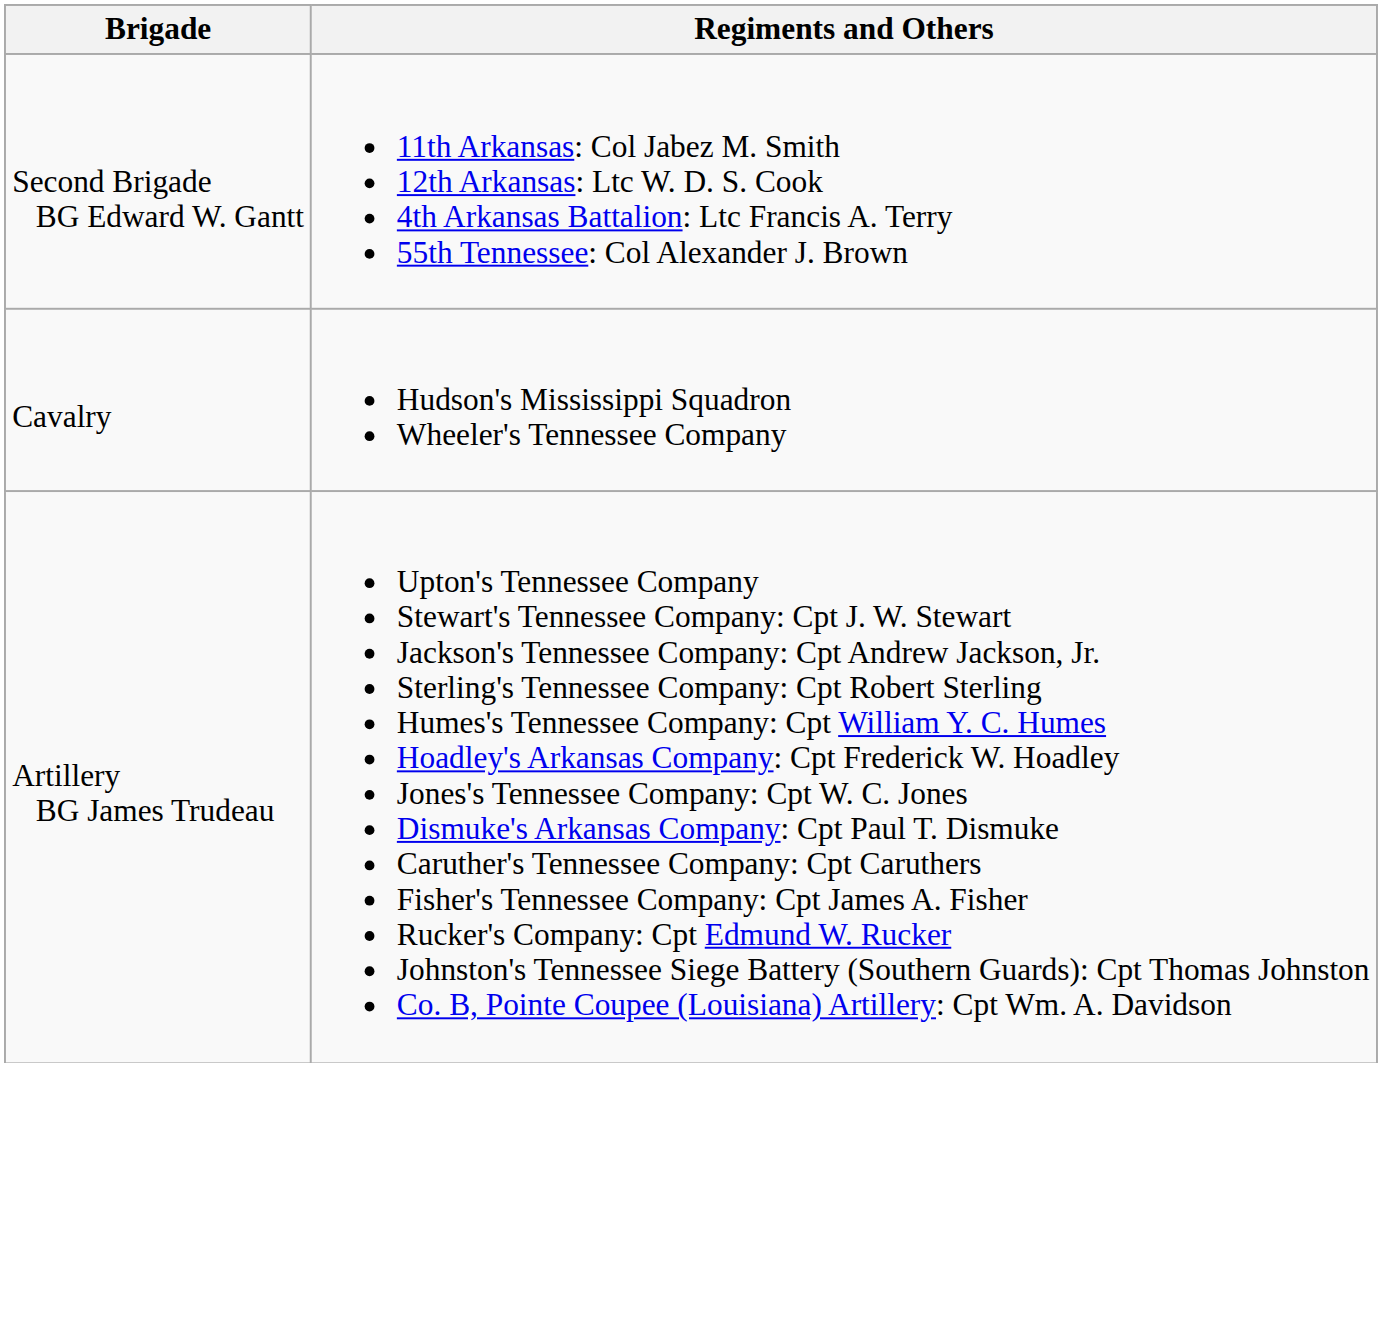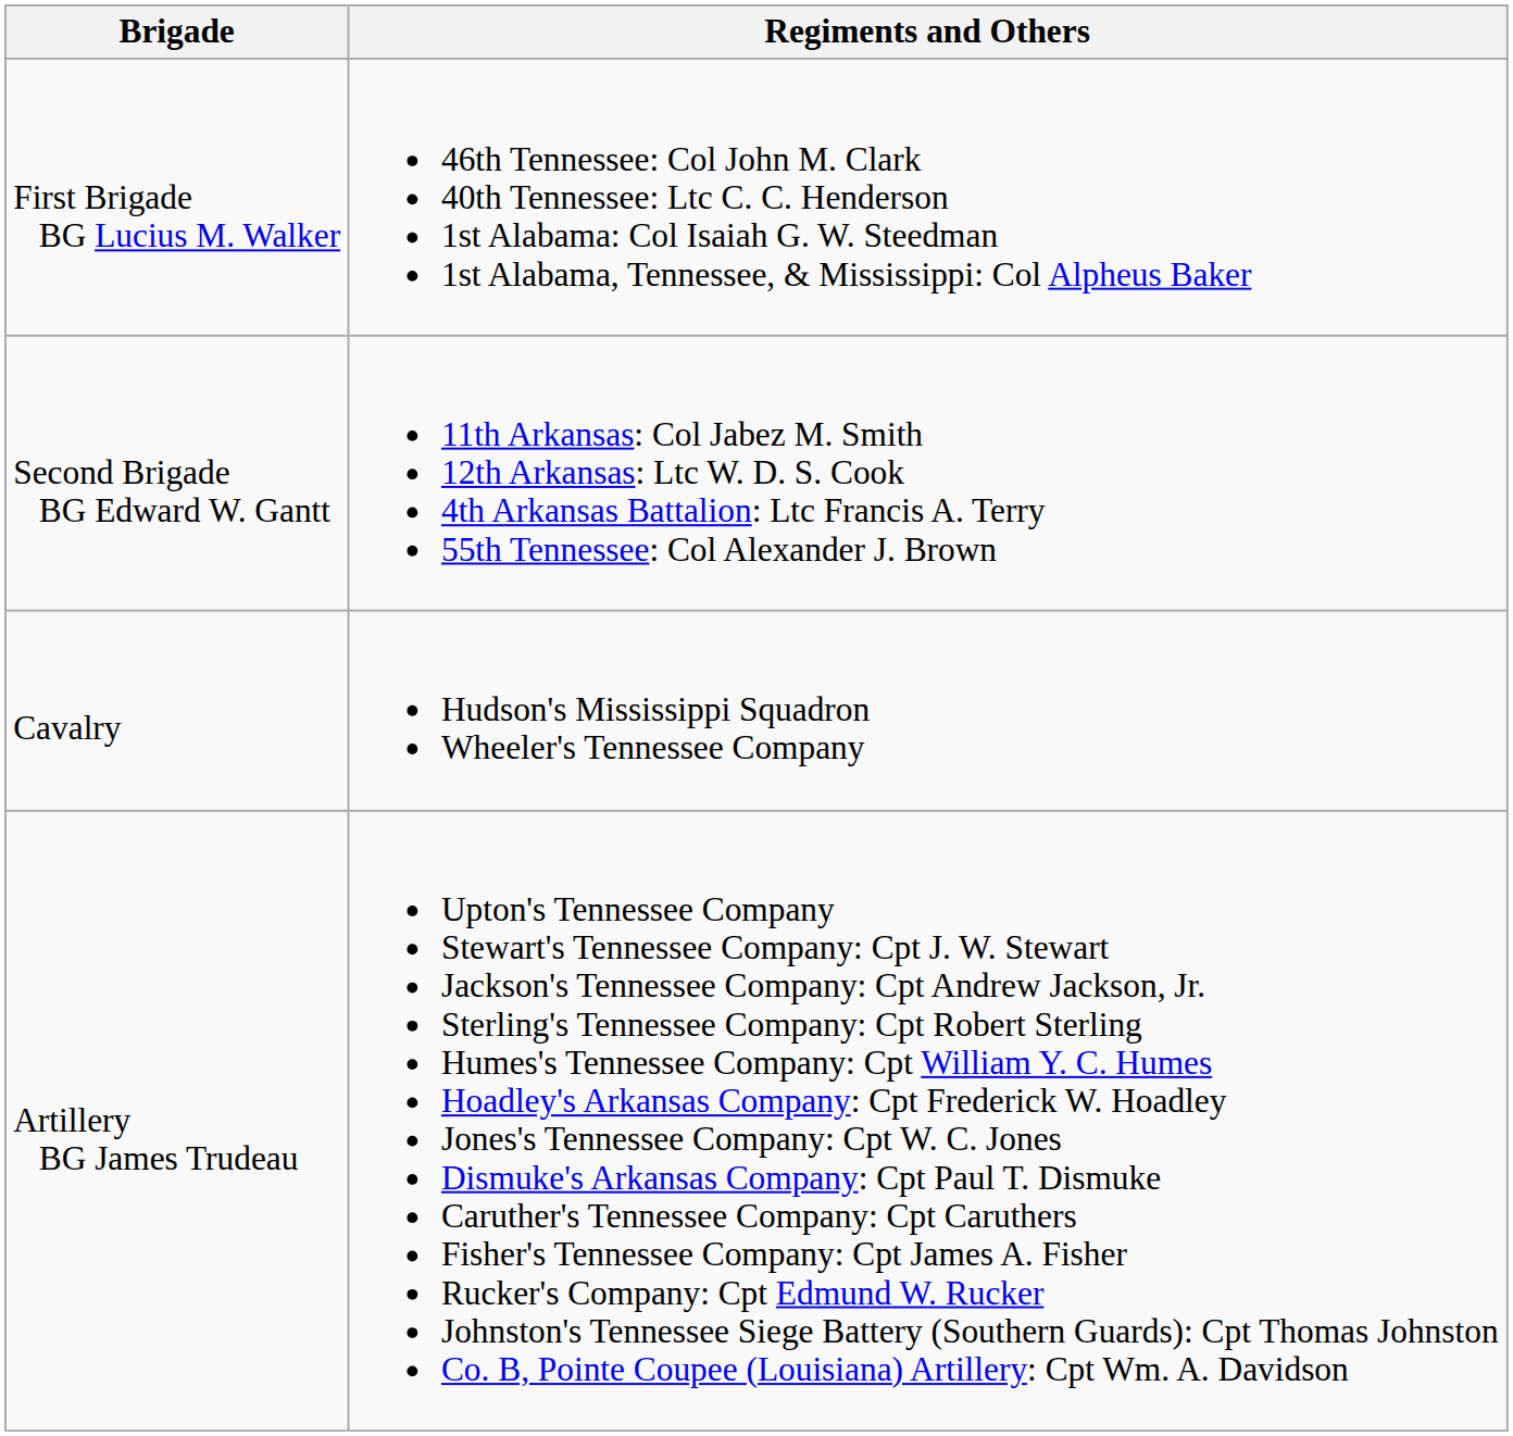 <table class="wikitable">
 <tr>
 <th>Brigade</th>
 <th>Regiments and Others</th>
+</tr>
+<tr>
+<td rowspan=1><br>First Brigade <br>   BG <a href='#'>Lucius M. Walker</a></td>
+<td><br><ul><li>46th Tennessee: Col John M. Clark</li><li>40th Tennessee: Ltc C. C. Henderson</li><li>1st Alabama: Col Isaiah G. W. Steedman</li><li>1st Alabama, Tennessee, & Mississippi: Col <a href='#'>Alpheus Baker</a></li></ul></td>
 </tr>
 <tr>
 <td rowspan=1><br>Second Brigade <br>   BG Edward W. Gantt</td>
 <td><br><ul><li><a href='#'>11th Arkansas</a>: Col Jabez M. Smith</li><li><a href='#'>12th Arkansas</a>: Ltc W. D. S. Cook</li><li><a href='#'>4th Arkansas Battalion</a>: Ltc Francis A. Terry</li><li><a href='#'>55th Tennessee</a>: Col Alexander J. Brown</li></ul></td>
 </tr>
 <tr>
 <td rowspan=1><br>Cavalry</td>
 <td><br><ul><li>Hudson's Mississippi Squadron</li><li>Wheeler's Tennessee Company</li></ul></td>
 </tr>
 <tr>
 <td rowspan=1><br>Artillery <br>   BG James Trudeau</td>
 <td><br><ul><li>Upton's Tennessee Company</li><li>Stewart's Tennessee Company: Cpt J. W. Stewart</li><li>Jackson's Tennessee Company: Cpt Andrew Jackson, Jr.</li><li>Sterling's Tennessee Company: Cpt Robert Sterling</li><li>Humes's Tennessee Company: Cpt <a href='#'>William Y. C. Humes</a></li><li><a href='#'>Hoadley's Arkansas Company</a>: Cpt Frederick W. Hoadley</li><li>Jones's Tennessee Company: Cpt W. C. Jones</li><li><a href='#'>Dismuke's Arkansas Company</a>: Cpt Paul T. Dismuke</li><li>Caruther's Tennessee Company: Cpt Caruthers</li><li>Fisher's Tennessee Company: Cpt James A. Fisher</li><li>Rucker's Company: Cpt <a href='#'>Edmund W. Rucker</a></li><li>Johnston's Tennessee Siege Battery (Southern Guards): Cpt Thomas Johnston</li><li><a href='#'>Co. B, Pointe Coupee (Louisiana) Artillery</a>: Cpt Wm. A. Davidson</li></ul></td>
 </tr>
 </table>
